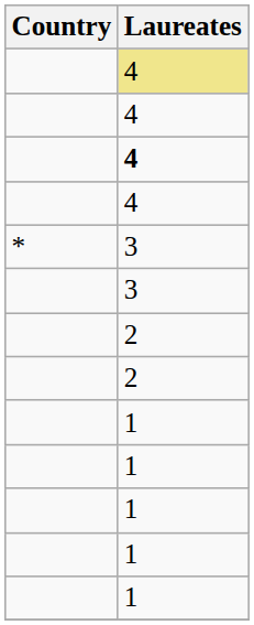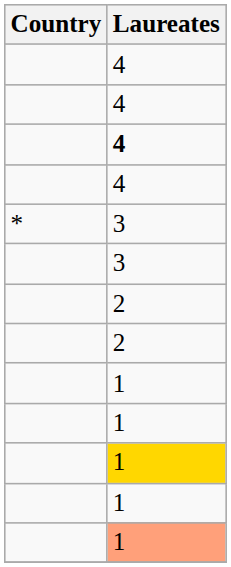 <table class="wikitable sortable">
 <tr>
 <th>Country</th>
 <th>Laureates</th>
 </tr>
 <tr>
 <td></td>
-<td style="background: khaki;">4</td>
+<td>4</td>
 </tr>
 <tr>
 <td></td>
 <td>4</td>
 </tr>
 <tr>
 <td></td>
 <td><strong>4</strong></td>
 </tr>
 <tr>
 <td></td>
 <td>4</td>
 </tr>
 <tr>
 <td>*</td>
 <td>3</td>
 </tr>
 <tr>
 <td></td>
 <td>3</td>
 </tr>
 <tr>
 <td></td>
 <td>2</td>
 </tr>
 <tr>
 <td></td>
 <td>2</td>
 </tr>
 <tr>
 <td></td>
 <td>1</td>
 </tr>
 <tr>
 <td></td>
 <td>1</td>
 </tr>
 <tr>
 <td></td>
-<td>1</td>
+<td style="background: gold;">1</td>
 </tr>
 <tr>
 <td></td>
 <td>1</td>
 </tr>
 <tr>
 <td></td>
-<td>1</td>
+<td style="background: lightsalmon;">1</td>
 </tr>
 <tr>
 </tr>
 </table>
